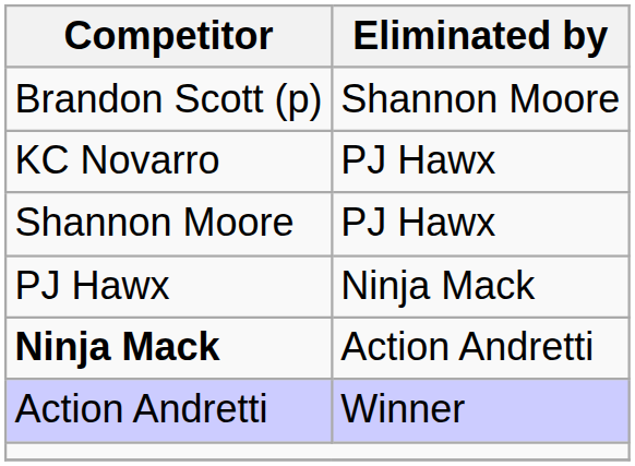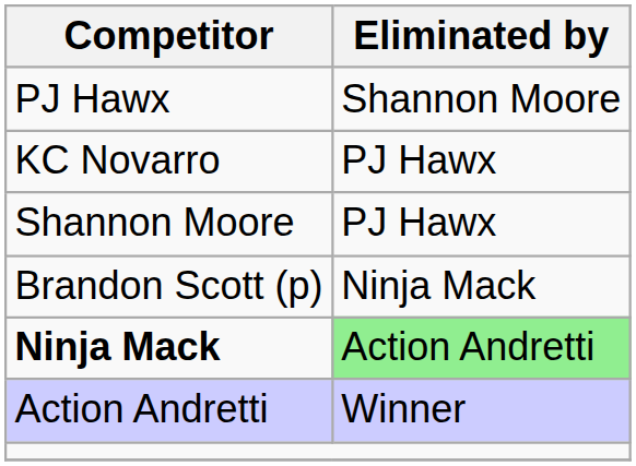 <table class="wikitable">
 <tr>
 <th>Competitor</th>
 <th>Eliminated by</th>
 </tr>
 <tr>
-<td>Brandon Scott (p)</td>
+<td>PJ Hawx</td>
 <td>Shannon Moore</td>
 </tr>
 <tr>
 <td>KC Novarro</td>
 <td>PJ Hawx</td>
 </tr>
 <tr>
 <td>Shannon Moore</td>
 <td>PJ Hawx</td>
 </tr>
 <tr>
-<td>PJ Hawx</td>
+<td>Brandon Scott (p)</td>
 <td>Ninja Mack</td>
 </tr>
 <tr>
 <td><strong>Ninja Mack</strong></td>
-<td>Action Andretti</td>
+<td style="background: lightgreen;">Action Andretti</td>
 </tr>
 <tr style="background: #CCCCFF;">
 <td>Action Andretti</td>
 <td>Winner</td>
 </tr>
 <tr>
 <td colspan="2"></td>
 </tr>
 <tr>
 </tr>
 </table>
